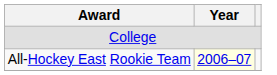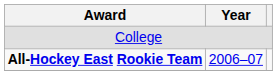 <table class="wikitable">
 <tr>
 <th>Award</th>
 <th>Year</th>
 <th></th>
 </tr>
 <tr ALIGN="center" bgcolor="#e0e0e0">
 <td colspan="3"><a href='#'>College</a></td>
 </tr>
 <tr>
-<td>All-<a href='#'>Hockey East</a> <a href='#'>Rookie Team</a></td>
-<td style="background: lightyellow;"><a href='#'>2006–07</a></td>
+<td><strong>All-<a href='#'>Hockey East</a> <a href='#'>Rookie Team</a></strong></td>
+<td><a href='#'>2006–07</a></td>
 <td></td>
 </tr>
 <tr>
 </tr>
 </table>
